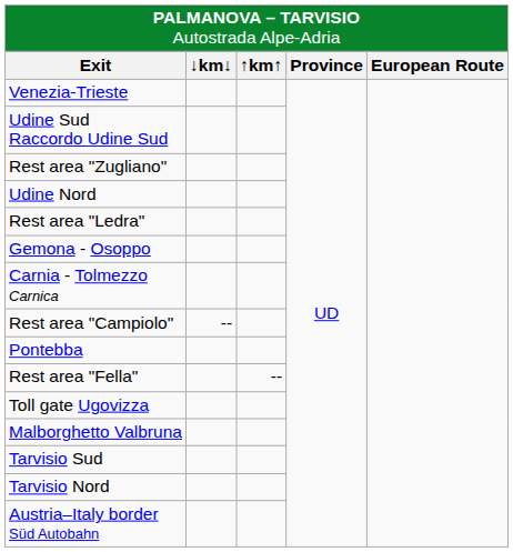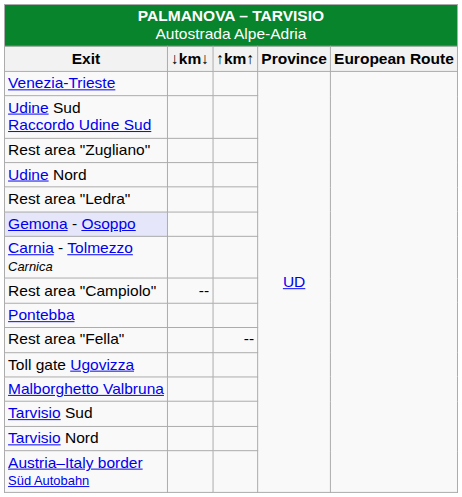 <table class="wikitable" border="1">
 <tr>
 </tr>
 <tr align="center" bgcolor="08842C" style="color: white;font-size:100%;">
 <td colspan="6"><strong> PALMANOVA – TARVISIO</strong><br>Autostrada Alpe-Adria</td>
 </tr>
 <tr>
 <th style="text-align:center;"><strong>Exit</strong></th>
 <th style="text-align:center;"><strong>↓km↓</strong></th>
 <th style="text-align:center;"><strong>↑km↑</strong></th>
 <th align="center"><strong>Province</strong></th>
 <th align="center"><strong>European Route</strong></th>
 </tr>
 <tr>
 <td>    <a href='#'>Venezia-Trieste</a></td>
 <td align="right"></td>
 <td align="right"></td>
 <td rowspan="16" align="center"><a href='#'>UD</a></td>
 <td rowspan="26" align="center"></td>
 </tr>
 <tr>
 <td> <a href='#'>Udine</a> Sud<br> <a href='#'>Raccordo Udine Sud</a></td>
 <td align="right"></td>
 <td align="right"></td>
 </tr>
 <tr>
 <td> Rest area "Zugliano"</td>
 <td align="right"></td>
 <td align="right"></td>
 </tr>
 <tr>
 <td> <a href='#'>Udine</a> Nord</td>
 <td align="right"></td>
 <td align="right"></td>
 </tr>
 <tr>
 <td> Rest area "Ledra"</td>
 <td align="right"></td>
 <td align="right"></td>
 </tr>
 <tr>
-<td> <a href='#'>Gemona</a> - <a href='#'>Osoppo</a></td>
+<td style="background: lavender;"> <a href='#'>Gemona</a> - <a href='#'>Osoppo</a></td>
 <td align="right"></td>
 <td align="right"></td>
 </tr>
 <tr>
 <td> <a href='#'>Carnia</a> - <a href='#'>Tolmezzo</a><br> <small><em>Carnica</em></small></td>
 <td align="right"></td>
 <td align="right"></td>
 </tr>
 <tr>
 <td> Rest area "Campiolo"</td>
 <td align="right">--</td>
 <td align="right"></td>
 </tr>
 <tr>
 <td> <a href='#'>Pontebba</a></td>
 <td align="right"></td>
 <td align="right"></td>
 </tr>
 <tr>
 <td> Rest area "Fella"</td>
 <td align="right"></td>
 <td align="right">--</td>
 </tr>
 <tr>
 <td> Toll gate <a href='#'>Ugovizza</a></td>
 <td align="right"></td>
 <td align="right"></td>
 </tr>
 <tr>
 <td> <a href='#'>Malborghetto Valbruna</a></td>
 <td align="right"></td>
 <td align="right"></td>
 </tr>
 <tr>
 <td> <a href='#'>Tarvisio</a> Sud</td>
 <td align="right"></td>
 <td align="right"></td>
 </tr>
 <tr>
 <td> <a href='#'>Tarvisio</a> Nord</td>
 <td align="right"></td>
 <td align="right"></td>
 </tr>
 <tr>
 <td>  <a href='#'>Austria–Italy border</a><br>  <small><a href='#'>Süd Autobahn</a></small></td>
 <td align="right"></td>
 <td align="right"></td>
 </tr>
 </table>
